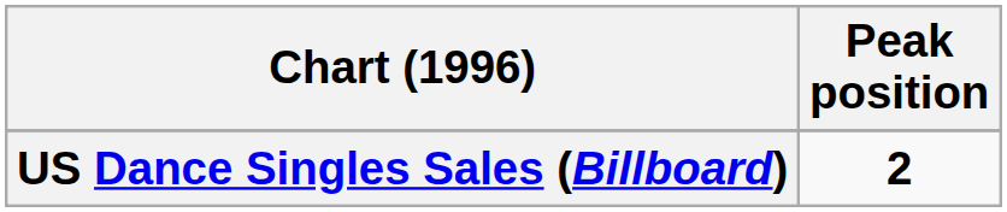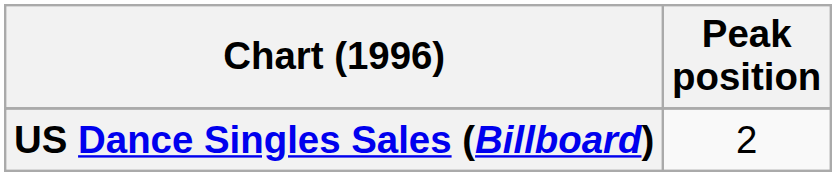 <table class="wikitable sortable plainrowheaders" style="text-align:center">
 <tr>
 <th scope="col">Chart (1996)</th>
 <th scope="col">Peak<br>position</th>
 </tr>
 <tr>
 </tr>
 <tr>
 </tr>
 <tr>
 </tr>
 <tr>
 </tr>
 <tr>
 <th scope="row">US <a href='#'>Dance Singles Sales</a> (<em><a href='#'>Billboard</a></em>)</th>
-<td><strong>2</strong></td>
+<td>2</td>
 </tr>
 </table>
